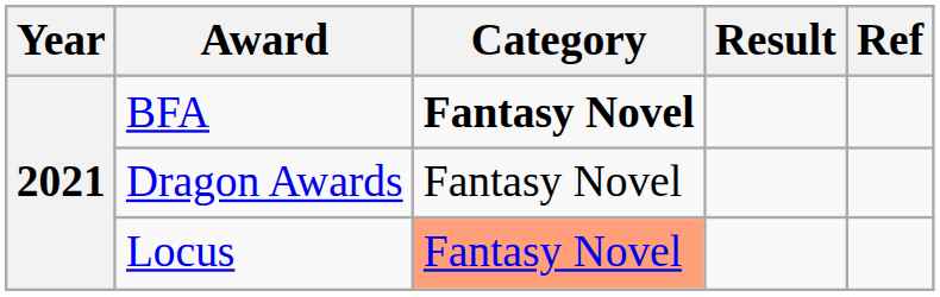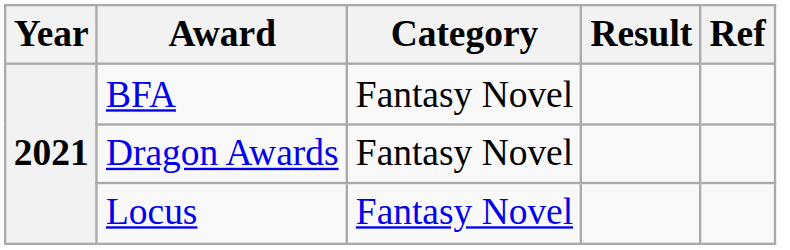 <table class="wikitable sortable">
 <tr>
 <th>Year</th>
 <th>Award</th>
 <th>Category</th>
 <th>Result</th>
 <th>Ref</th>
 </tr>
 <tr>
 <th rowspan="3">2021</th>
 <td><a href='#'>BFA</a></td>
-<td><strong>Fantasy Novel</strong></td>
+<td>Fantasy Novel</td>
 <td></td>
 <td></td>
 </tr>
 <tr>
 <td><a href='#'>Dragon Awards</a></td>
 <td>Fantasy Novel</td>
 <td></td>
 <td></td>
 </tr>
 <tr>
 <td><a href='#'>Locus</a></td>
-<td style="background: lightsalmon;"><a href='#'>Fantasy Novel</a></td>
+<td><a href='#'>Fantasy Novel</a></td>
 <td></td>
 <td></td>
 </tr>
 </table>
